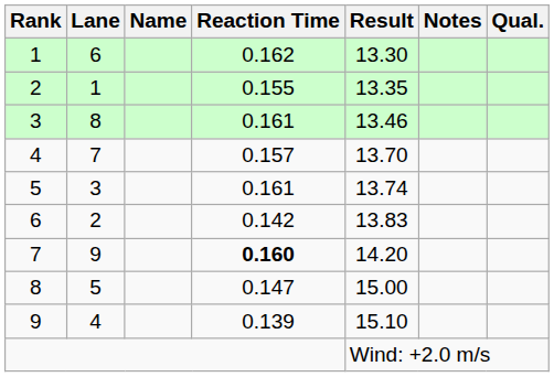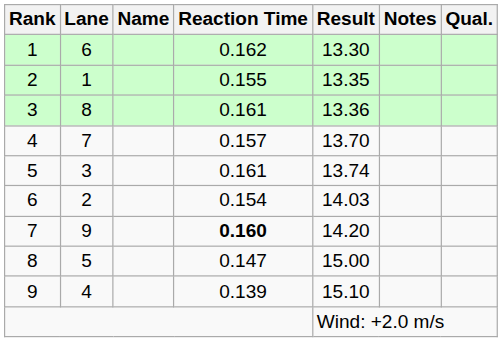 <table class="wikitable sortable" style="text-align:center">
 <tr>
 <th>Rank</th>
 <th>Lane</th>
 <th>Name</th>
 <th>Reaction Time</th>
 <th>Result</th>
 <th>Notes</th>
 <th>Qual.</th>
 </tr>
 <tr bgcolor=ccffcc>
 <td>1</td>
 <td>6</td>
 <td align="left"></td>
 <td>0.162</td>
 <td>13.30</td>
 <td></td>
 <td></td>
 </tr>
 <tr bgcolor=ccffcc>
 <td>2</td>
 <td>1</td>
 <td align="left"></td>
 <td>0.155</td>
 <td>13.35</td>
 <td></td>
 <td></td>
 </tr>
 <tr bgcolor=ccffcc>
 <td>3</td>
 <td>8</td>
 <td align="left"></td>
 <td>0.161</td>
-<td>13.46</td>
+<td>13.36</td>
 <td></td>
 <td></td>
 </tr>
 <tr>
 <td>4</td>
 <td>7</td>
 <td align="left"></td>
 <td>0.157</td>
 <td>13.70</td>
 <td></td>
 <td></td>
 </tr>
 <tr>
 <td>5</td>
 <td>3</td>
 <td align="left"></td>
 <td>0.161</td>
 <td>13.74</td>
 <td></td>
 <td></td>
 </tr>
 <tr>
 <td>6</td>
 <td>2</td>
 <td align="left"></td>
-<td>0.142</td>
-<td>13.83</td>
+<td>0.154</td>
+<td>14.03</td>
 <td></td>
 <td></td>
 </tr>
 <tr>
 <td>7</td>
 <td>9</td>
 <td align="left"></td>
 <td><strong>0.160</strong></td>
 <td>14.20</td>
 <td></td>
 <td></td>
 </tr>
 <tr>
 <td>8</td>
 <td>5</td>
 <td align="left"></td>
 <td>0.147</td>
 <td>15.00</td>
 <td></td>
 <td></td>
 </tr>
 <tr>
 <td>9</td>
 <td>4</td>
 <td align="left"></td>
 <td>0.139</td>
 <td>15.10</td>
 <td></td>
 <td></td>
 </tr>
 <tr class="sortbottom">
 <td colspan=4></td>
 <td colspan="3" style="text-align:left;">Wind: +2.0 m/s</td>
 </tr>
 </table>
